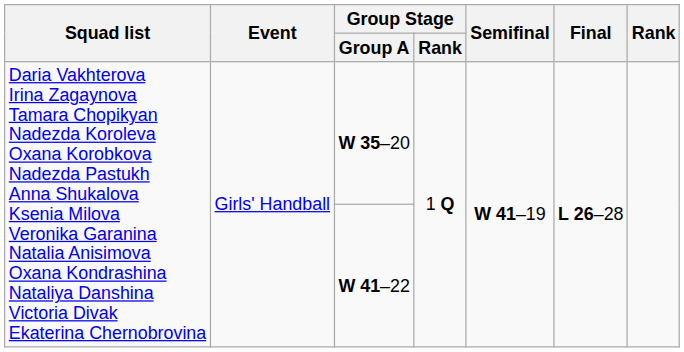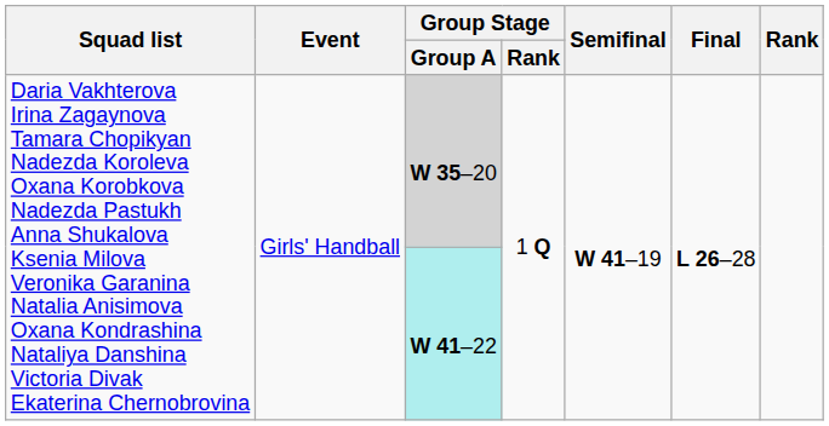 <table class=wikitable style="font-size:90%">
 <tr>
 <th rowspan=2>Squad list</th>
 <th rowspan=2>Event</th>
 <th colspan=2>Group Stage</th>
 <th rowspan=2>Semifinal</th>
 <th rowspan=2>Final</th>
 <th rowspan=2>Rank</th>
 </tr>
 <tr>
 <th>Group A</th>
 <th>Rank</th>
 </tr>
 <tr>
 <td rowspan=2><a href='#'>Daria Vakhterova</a><br><a href='#'>Irina Zagaynova</a><br><a href='#'>Tamara Chopikyan</a><br><a href='#'>Nadezda Koroleva</a><br><a href='#'>Oxana Korobkova</a><br><a href='#'>Nadezda Pastukh</a><br><a href='#'>Anna Shukalova</a><br><a href='#'>Ksenia Milova</a><br><a href='#'>Veronika Garanina</a><br><a href='#'>Natalia Anisimova</a><br><a href='#'>Oxana Kondrashina</a><br><a href='#'>Nataliya Danshina</a><br><a href='#'>Victoria Divak</a><br><a href='#'>Ekaterina Chernobrovina</a></td>
 <td rowspan=2><a href='#'>Girls' Handball</a></td>
-<td align=center><br> <strong>W</strong> <strong>35</strong>–20</td>
+<td align=center style="background: lightgrey;"><br> <strong>W</strong> <strong>35</strong>–20</td>
 <td rowspan=2 align=center>1 <strong>Q</strong></td>
 <td rowspan=2 align=center><br> <strong>W</strong> <strong>41</strong>–19</td>
 <td rowspan=2 align=center><br> <strong>L</strong> <strong>26</strong>–28</td>
 <td rowspan=2 align=center></td>
 </tr>
 <tr>
-<td align=center><br> <strong>W</strong> <strong>41</strong>–22</td>
+<td align=center style="background: paleturquoise;"><br> <strong>W</strong> <strong>41</strong>–22</td>
 </tr>
 </table>
